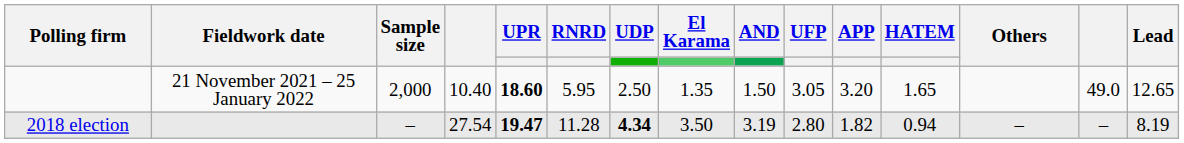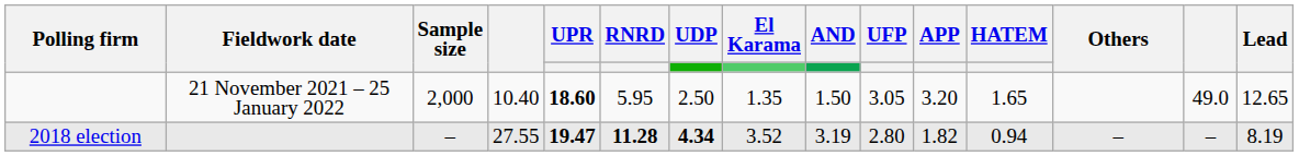 <table class="wikitable tpl-blanktable mw-collapsible" style="text-align:center;font-size:90%;line-height:14px;">
 <tr style="height:40px;">
 <th style="width:105px;" rowspan="2">Polling firm</th>
 <th style="width:165px;" rowspan="2">Fieldwork date</th>
 <th style="width:30px;" rowspan="2">Sample<br>size</th>
 <th style="width:30px;" rowspan="2"></th>
 <th class="unsortable" style="width:30px;"><a href='#'>UPR</a></th>
 <th class="unsortable" style="width:30px;"><a href='#'>RNRD</a></th>
 <th class="unsortable" style="width:30px;"><a href='#'>UDP</a></th>
 <th class="unsortable" style="width:30px;"><a href='#'>El Karama</a></th>
 <th class="unsortable" style="width:30px;"><a href='#'>AND</a></th>
 <th class="unsortable" style="width:30px;"><a href='#'>UFP</a></th>
 <th class="unsortable" style="width:30px;"><a href='#'>APP</a></th>
 <th class="unsortable" style="width:30px;"><a href='#'>HATEM</a></th>
 <th class="unsortable" style="width:85px;" rowspan="2">Others</th>
 <th class="unsortable" style="width:30px;" rowspan="2"></th>
 <th style="width:30px;" rowspan="2">Lead</th>
 </tr>
 <tr>
 <th style="color:inherit;background:"></th>
 <th style="color:inherit;background:"></th>
 <th style="color:inherit;background:#0FAF05;"></th>
 <th style="color:inherit;background:#4FCB68;"></th>
 <th style="color:inherit;background:#0AA450;"></th>
 <th style="color:inherit;background:"></th>
 <th style="color:inherit;background:"></th>
 <th style="color:inherit;background:"></th>
 </tr>
 <tr>
 <td></td>
 <td>21 November 2021 – 25 January 2022</td>
 <td>2,000</td>
 <td>10.40</td>
 <td><strong>18.60</strong></td>
 <td>5.95</td>
 <td>2.50</td>
 <td>1.35</td>
 <td>1.50</td>
 <td>3.05</td>
 <td>3.20</td>
 <td>1.65</td>
 <td></td>
 <td>49.0</td>
 <td style="background:">12.65</td>
 </tr>
 <tr style="background:#E9E9E9;">
 <td><a href='#'>2018 election</a></td>
 <td></td>
 <td>–</td>
-<td>27.54</td>
+<td>27.55</td>
 <td><strong>19.47</strong></td>
-<td>11.28</td>
+<td><strong>11.28</strong></td>
 <td><strong>4.34</strong></td>
-<td>3.50</td>
+<td>3.52</td>
 <td>3.19</td>
 <td>2.80</td>
 <td>1.82</td>
 <td>0.94</td>
 <td>–</td>
 <td>–</td>
 <td style="background:">8.19</td>
 </tr>
 </table>
